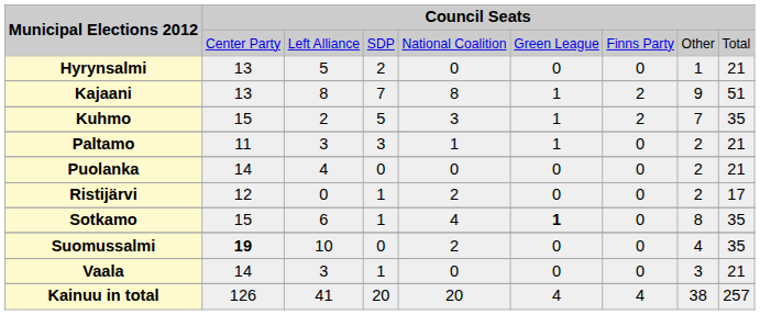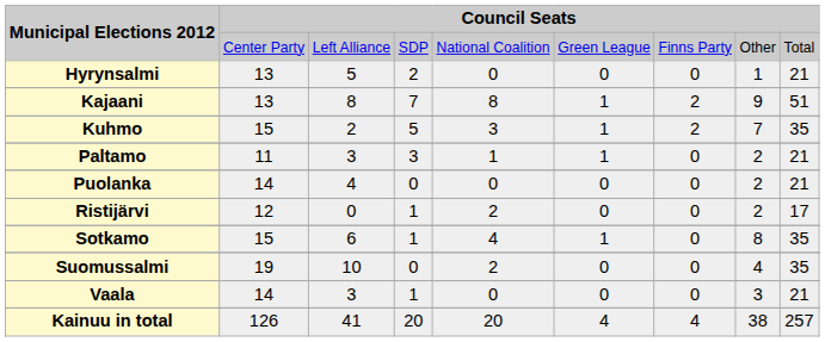 <table class="wikitable">
 <tr>
 <td style=background:#cccccc align=center rowspan=2><strong>Municipal Elections 2012</strong></td>
 <td style=background:#cccccc align=center colspan=10><strong>Council Seats</strong></td>
 </tr>
 <tr style=background:#cccccc align=center>
 <td><small><a href='#'>Center Party</a></small></td>
 <td><small><a href='#'>Left Alliance</a></small></td>
 <td><small><a href='#'>SDP</a></small></td>
 <td><small><a href='#'>National Coalition</a></small></td>
 <td><small><a href='#'>Green League</a></small></td>
 <td><small><a href='#'>Finns Party</a></small></td>
 <td><small>Other</small></td>
 <td><small>Total</small></td>
 </tr>
 <tr style=background:#efefef align=center>
 <td style="background:#fffacd;"><strong>Hyrynsalmi</strong></td>
 <td>13</td>
 <td>5</td>
 <td>2</td>
 <td>0</td>
 <td>0</td>
 <td>0</td>
 <td>1</td>
 <td>21</td>
 </tr>
 <tr ->
 </tr>
 <tr style=background:#efefef align=center>
 <td style="background:#fffacd;"><strong>Kajaani</strong></td>
 <td>13</td>
 <td>8</td>
 <td>7</td>
 <td>8</td>
 <td>1</td>
 <td>2</td>
 <td>9</td>
 <td>51</td>
 </tr>
 <tr ->
 </tr>
 <tr style=background:#efefef align=center>
 <td style="background:#fffacd;"><strong>Kuhmo</strong></td>
 <td>15</td>
 <td>2</td>
 <td>5</td>
 <td>3</td>
 <td>1</td>
 <td>2</td>
 <td>7</td>
 <td>35</td>
 </tr>
 <tr ->
 </tr>
 <tr style=background:#efefef align=center>
 <td style="background:#fffacd;"><strong>Paltamo</strong></td>
 <td>11</td>
 <td>3</td>
 <td>3</td>
 <td>1</td>
 <td>1</td>
 <td>0</td>
 <td>2</td>
 <td>21</td>
 </tr>
 <tr ->
 </tr>
 <tr style=background:#efefef align=center>
 <td style="background:#fffacd;"><strong>Puolanka</strong></td>
 <td>14</td>
 <td>4</td>
 <td>0</td>
 <td>0</td>
 <td>0</td>
 <td>0</td>
 <td>2</td>
 <td>21</td>
 </tr>
 <tr ->
 </tr>
 <tr style=background:#efefef align=center>
 <td style="background:#fffacd;"><strong>Ristijärvi</strong></td>
 <td>12</td>
 <td>0</td>
 <td>1</td>
 <td>2</td>
 <td>0</td>
 <td>0</td>
 <td>2</td>
 <td>17</td>
 </tr>
 <tr ->
 </tr>
 <tr style=background:#efefef align=center>
 <td style="background:#fffacd;"><strong>Sotkamo</strong></td>
 <td>15</td>
 <td>6</td>
 <td>1</td>
 <td>4</td>
-<td><strong>1</strong></td>
+<td>1</td>
 <td>0</td>
 <td>8</td>
 <td>35</td>
 </tr>
 <tr ->
 </tr>
 <tr style=background:#efefef align=center>
 <td style="background:#fffacd;"><strong>Suomussalmi</strong></td>
-<td><strong>19</strong></td>
+<td>19</td>
 <td>10</td>
 <td>0</td>
 <td>2</td>
 <td>0</td>
 <td>0</td>
 <td>4</td>
 <td>35</td>
 </tr>
 <tr ->
 </tr>
 <tr style=background:#efefef align=center>
 <td style="background:#fffacd;"><strong>Vaala</strong></td>
 <td>14</td>
 <td>3</td>
 <td>1</td>
 <td>0</td>
 <td>0</td>
 <td>0</td>
 <td>3</td>
 <td>21</td>
 </tr>
 <tr ->
 </tr>
 <tr style=background:#efefef align=center>
 <td style="background:#fffacd;"><strong>Kainuu in total</strong></td>
 <td>126</td>
 <td>41</td>
 <td>20</td>
 <td>20</td>
 <td>4</td>
 <td>4</td>
 <td>38</td>
 <td>257</td>
 </tr>
 </table>
